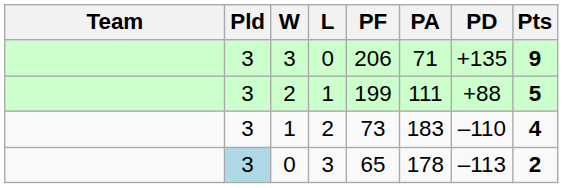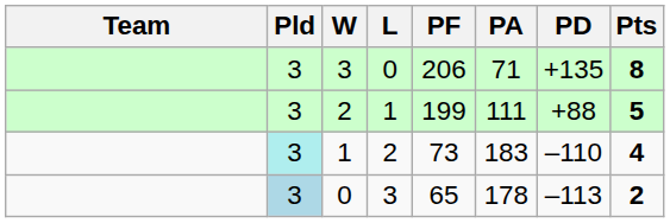 <table class="wikitable" style="text-align:center;">
 <tr>
 <th width=150>Team</th>
 <th width=20>Pld</th>
 <th width=20>W</th>
 <th width=20>L</th>
 <th width=30>PF</th>
 <th width=30>PA</th>
 <th width=30>PD</th>
 <th width=20>Pts</th>
 </tr>
 <tr bgcolor=#ccffcc>
 <td align=left></td>
 <td>3</td>
 <td>3</td>
 <td>0</td>
 <td>206</td>
 <td>71</td>
 <td>+135</td>
-<td><strong>9</strong></td>
+<td><strong>8</strong></td>
 </tr>
 <tr bgcolor=#ccffcc>
 <td align=left></td>
 <td>3</td>
 <td>2</td>
 <td>1</td>
 <td>199</td>
 <td>111</td>
 <td>+88</td>
 <td><strong>5</strong></td>
 </tr>
 <tr>
 <td align=left></td>
-<td>3</td>
+<td style="background: paleturquoise;">3</td>
 <td>1</td>
 <td>2</td>
 <td>73</td>
 <td>183</td>
 <td>–110</td>
 <td><strong>4</strong></td>
 </tr>
 <tr>
 <td align=left></td>
 <td style="background: lightblue;">3</td>
 <td>0</td>
 <td>3</td>
 <td>65</td>
 <td>178</td>
 <td>–113</td>
 <td><strong>2</strong></td>
 </tr>
 </table>
